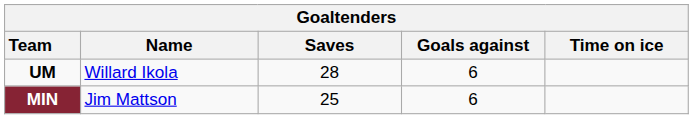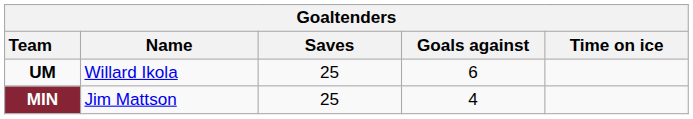 <table class="wikitable" style="width:40em; text-align:right;">
 <tr>
 <th colspan=5>Goaltenders</th>
 </tr>
 <tr>
 <th style="width:4em; text-align:left;">Team</th>
 <th style="width:10em;">Name</th>
 <th style="width:8em;">Saves</th>
 <th style="width:8em;">Goals against</th>
 <th style="width:8em;">Time on ice</th>
 </tr>
 <tr>
 <td align=center><strong>UM</strong></td>
 <td style="text-align:left;"><a href='#'>Willard Ikola</a></td>
-<td align=center>28</td>
+<td align=center>25</td>
 <td align=center>6</td>
 <td align=center></td>
 </tr>
 <tr>
 <td align=center style="color:white; background:#862334; "><strong>MIN</strong></td>
 <td style="text-align:left;"><a href='#'>Jim Mattson</a></td>
 <td align=center>25</td>
-<td align=center>6</td>
+<td align=center>4</td>
 <td align=center></td>
 </tr>
 </table>
